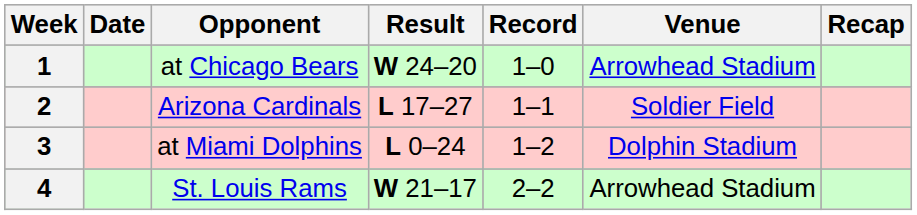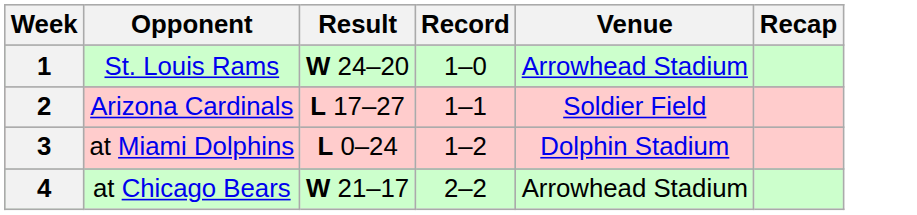 <table class="wikitable" style="text-align:center">
 <tr>
 <th>Week</th>
-<th>Date</th>
 <th>Opponent</th>
 <th>Result</th>
 <th>Record</th>
 <th>Venue</th>
 <th>Recap</th>
 </tr>
 <tr style="background:#cfc">
 <th>1</th>
-<td></td>
-<td>at <a href='#'>Chicago Bears</a></td>
+<td><a href='#'>St. Louis Rams</a></td>
 <td><strong>W</strong> 24–20</td>
 <td>1–0</td>
 <td><a href='#'>Arrowhead Stadium</a></td>
 <td></td>
 </tr>
 <tr style="background:#fcc">
 <th>2</th>
-<td></td>
 <td><a href='#'>Arizona Cardinals</a></td>
 <td><strong>L</strong> 17–27</td>
 <td>1–1</td>
 <td><a href='#'>Soldier Field</a></td>
 <td></td>
 </tr>
 <tr style="background:#fcc">
 <th>3</th>
-<td></td>
 <td>at <a href='#'>Miami Dolphins</a></td>
 <td><strong>L</strong> 0–24</td>
 <td>1–2</td>
 <td><a href='#'>Dolphin Stadium</a></td>
 <td></td>
 </tr>
 <tr style="background:#cfc">
 <th>4</th>
-<td></td>
-<td><a href='#'>St. Louis Rams</a></td>
+<td>at <a href='#'>Chicago Bears</a></td>
 <td><strong>W</strong> 21–17</td>
 <td>2–2</td>
 <td>Arrowhead Stadium</td>
 <td></td>
 </tr>
 </table>
